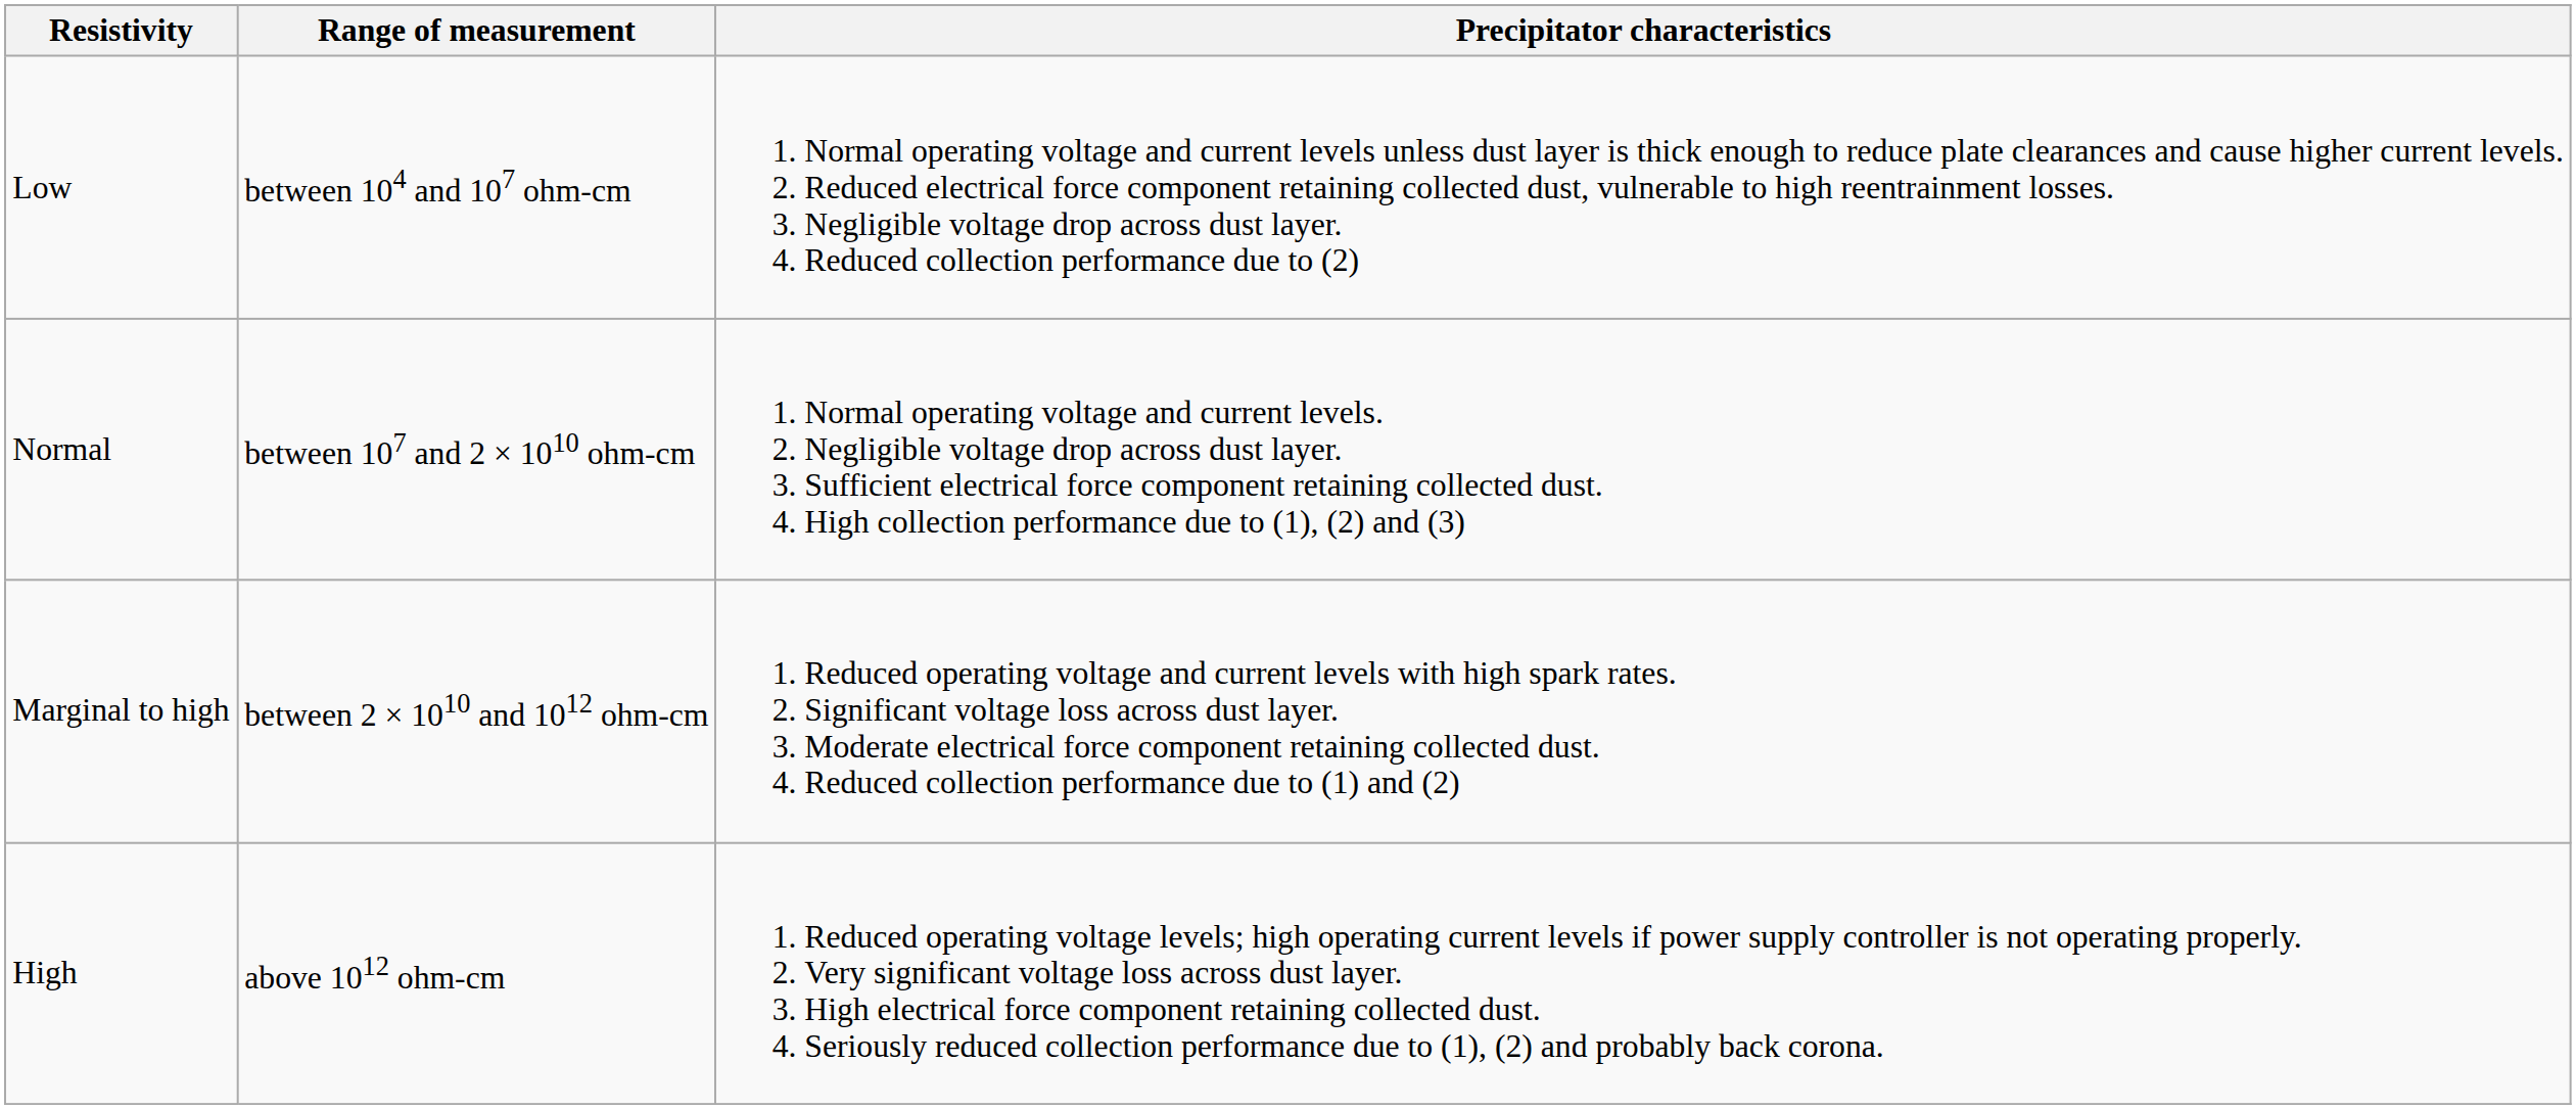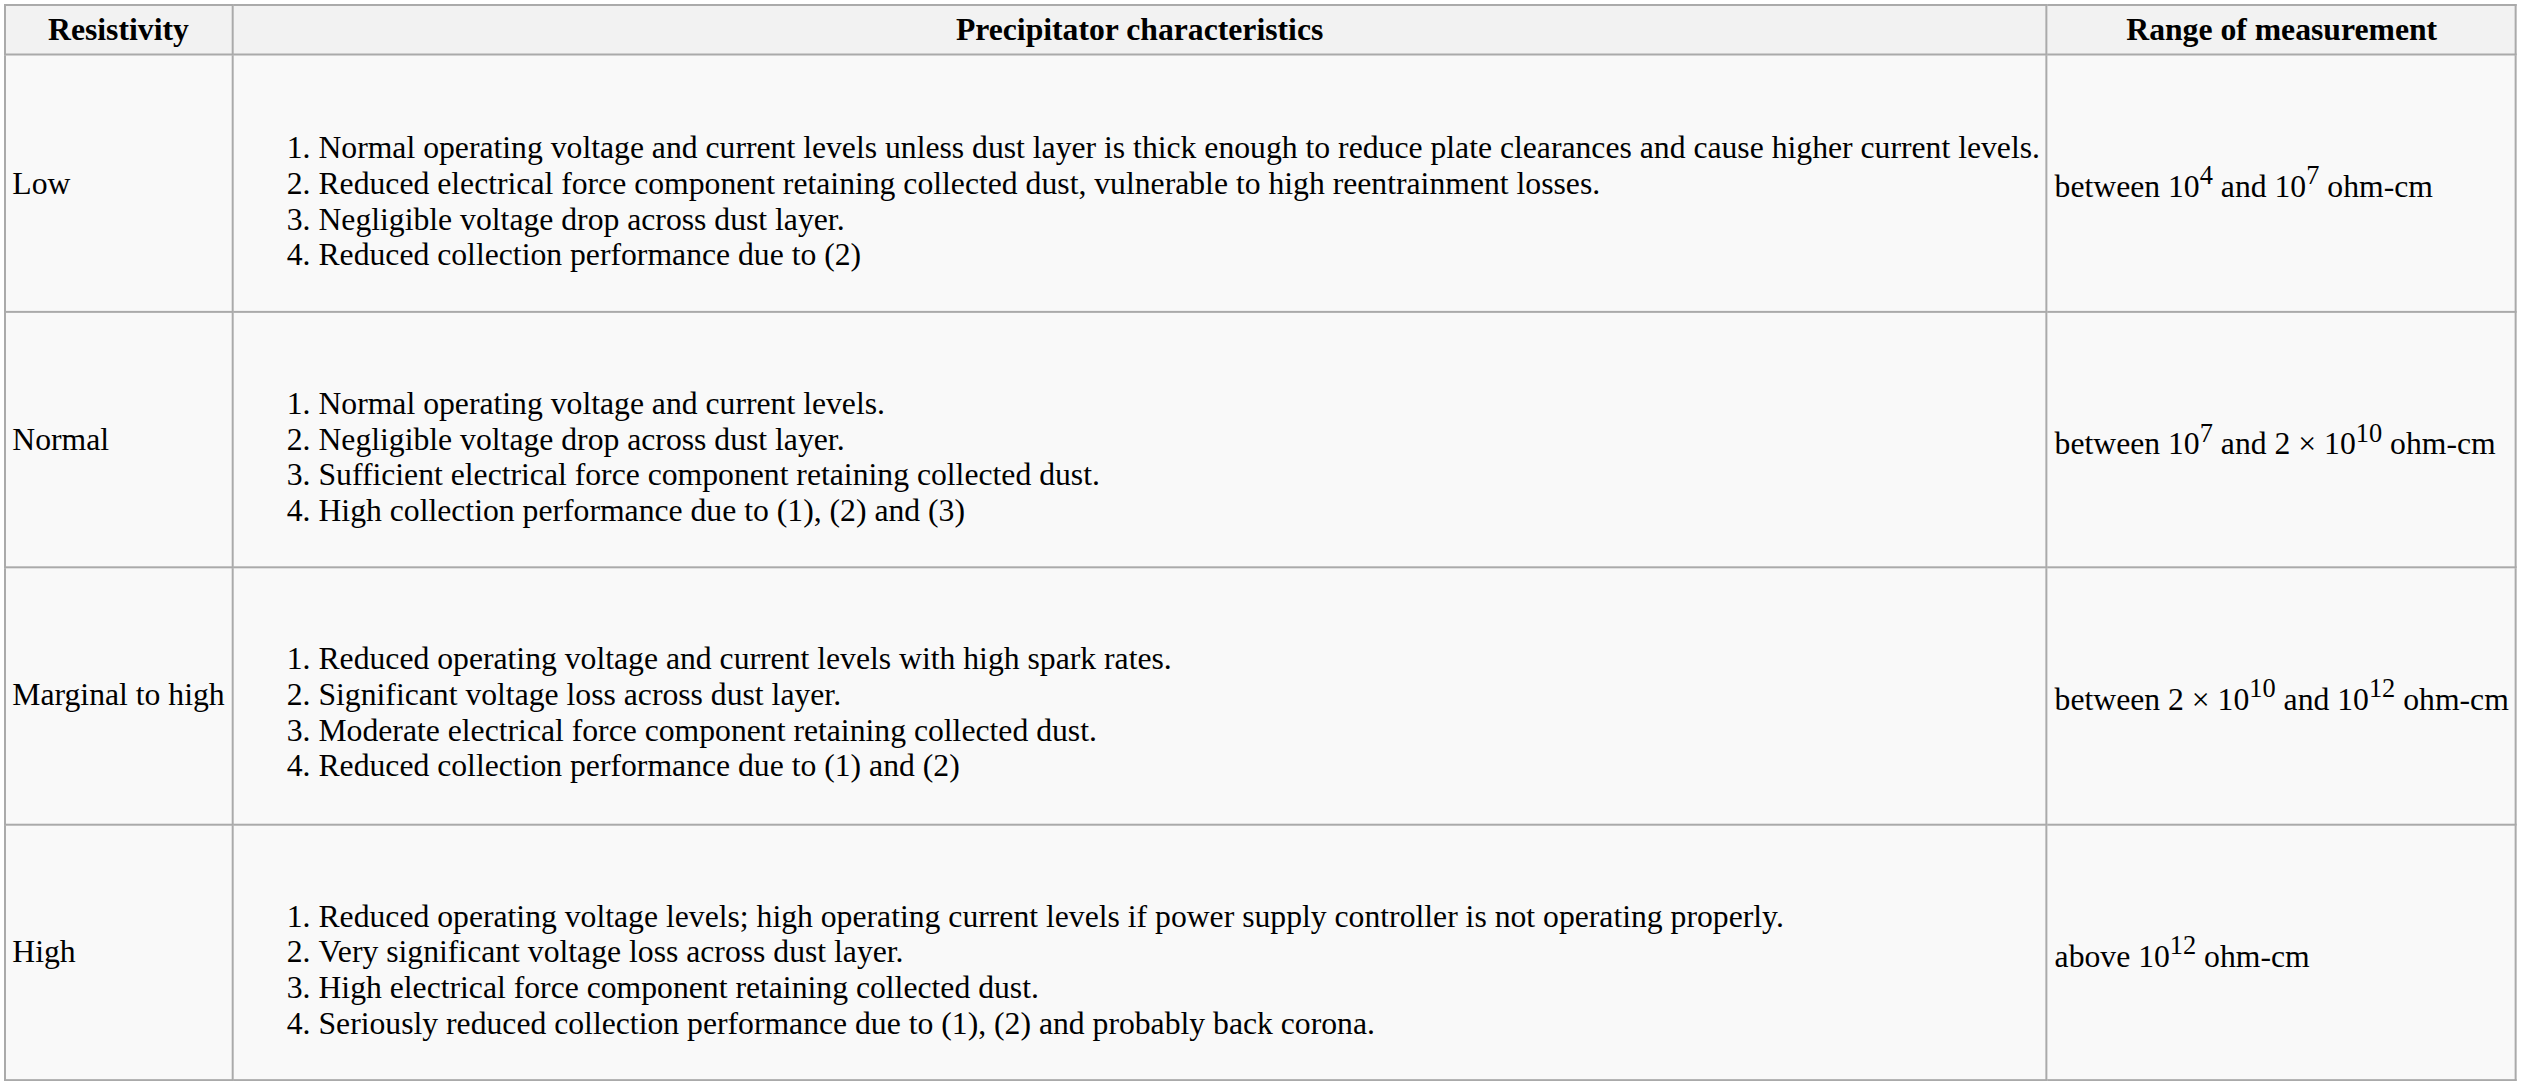 <table class="wikitable">
 <tr>
 <th>Resistivity</th>
+<th>Precipitator characteristics</th>
 <th>Range of measurement</th>
-<th>Precipitator characteristics</th>
 </tr>
 <tr>
 <td>Low</td>
+<td><br><ol><li>Normal operating voltage and current levels unless dust layer is thick enough to reduce plate clearances and cause higher current levels.</li><li>Reduced electrical force component retaining collected dust, vulnerable to high reentrainment losses.</li><li>Negligible voltage drop across dust layer.</li><li>Reduced collection performance due to (2)</li></ol></td>
 <td>between 10<sup>4</sup> and 10<sup>7</sup> ohm-cm</td>
-<td><br><ol><li>Normal operating voltage and current levels unless dust layer is thick enough to reduce plate clearances and cause higher current levels.</li><li>Reduced electrical force component retaining collected dust, vulnerable to high reentrainment losses.</li><li>Negligible voltage drop across dust layer.</li><li>Reduced collection performance due to (2)</li></ol></td>
 </tr>
 <tr>
 <td>Normal</td>
+<td><br><ol><li>Normal operating voltage and current levels.</li><li>Negligible voltage drop across dust layer.</li><li>Sufficient electrical force component retaining collected dust.</li><li>High collection performance due to (1), (2) and (3)</li></ol></td>
 <td>between 10<sup>7</sup> and 2 × 10<sup>10</sup> ohm-cm</td>
-<td><br><ol><li>Normal operating voltage and current levels.</li><li>Negligible voltage drop across dust layer.</li><li>Sufficient electrical force component retaining collected dust.</li><li>High collection performance due to (1), (2) and (3)</li></ol></td>
 </tr>
 <tr>
 <td>Marginal to high</td>
+<td><br><ol><li>Reduced operating voltage and current levels with high spark rates.</li><li>Significant voltage loss across dust layer.</li><li>Moderate electrical force component retaining collected dust.</li><li>Reduced collection performance due to (1) and (2)</li></ol></td>
 <td>between 2 × 10<sup>10</sup> and 10<sup>12</sup> ohm-cm</td>
-<td><br><ol><li>Reduced operating voltage and current levels with high spark rates.</li><li>Significant voltage loss across dust layer.</li><li>Moderate electrical force component retaining collected dust.</li><li>Reduced collection performance due to (1) and (2)</li></ol></td>
 </tr>
 <tr>
 <td>High</td>
+<td><br><ol><li>Reduced operating voltage levels; high operating current levels if power supply controller is not operating properly.</li><li>Very significant voltage loss across dust layer.</li><li>High electrical force component retaining collected dust.</li><li>Seriously reduced collection performance due to (1), (2) and probably back corona.</li></ol></td>
 <td>above 10<sup>12</sup> ohm-cm</td>
-<td><br><ol><li>Reduced operating voltage levels; high operating current levels if power supply controller is not operating properly.</li><li>Very significant voltage loss across dust layer.</li><li>High electrical force component retaining collected dust.</li><li>Seriously reduced collection performance due to (1), (2) and probably back corona.</li></ol></td>
 </tr>
 </table>
